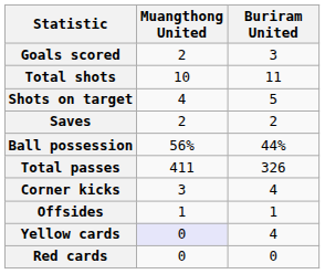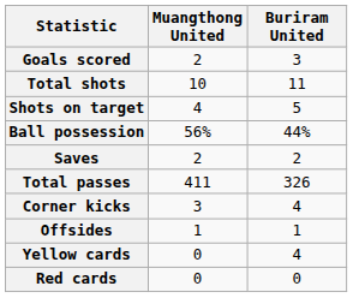 <table class="wikitable plainrowheaders" style="text-align:center">
 <tr>
 <th scope="col">Statistic</th>
 <th scope="col" style="width:80px">Muangthong United</th>
 <th scope="col" style="width:80px">Buriram United</th>
 </tr>
 <tr>
 <th scope=row>Goals scored</th>
 <td>2</td>
 <td>3</td>
 </tr>
 <tr>
 <th scope=row>Total shots</th>
 <td>10</td>
 <td>11</td>
 </tr>
 <tr>
 <th scope=row>Shots on target</th>
 <td>4</td>
 <td>5</td>
 </tr>
 <tr>
+<th scope=row>Ball possession</th>
+<td>56%</td>
+<td>44%</td>
+</tr>
+<tr>
 <th scope=row>Saves</th>
 <td>2</td>
 <td>2</td>
-</tr>
-<tr>
-<th scope=row>Ball possession</th>
-<td>56%</td>
-<td>44%</td>
 </tr>
 <tr>
 <th scope=row>Total passes</th>
 <td>411</td>
 <td>326</td>
 </tr>
 <tr>
 <th scope=row>Corner kicks</th>
 <td>3</td>
 <td>4</td>
 </tr>
 <tr>
 <th scope=row>Offsides</th>
 <td>1</td>
 <td>1</td>
 </tr>
 <tr>
 <th scope=row>Yellow cards</th>
-<td style="background: lavender;">0</td>
+<td>0</td>
 <td>4</td>
 </tr>
 <tr>
 <th scope=row>Red cards</th>
 <td>0</td>
 <td>0</td>
 </tr>
 </table>
